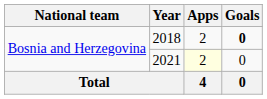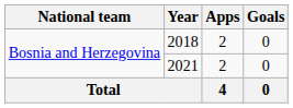 <table class="wikitable" style="text-align:center">
 <tr>
 <th>National team</th>
 <th>Year</th>
 <th>Apps</th>
 <th>Goals</th>
 </tr>
 <tr>
 <td rowspan="2"><a href='#'>Bosnia and Herzegovina</a></td>
 <td>2018</td>
 <td>2</td>
-<td><strong>0</strong></td>
+<td>0</td>
 </tr>
 <tr>
 <td>2021</td>
-<td style="background: lightyellow;">2</td>
+<td>2</td>
 <td>0</td>
 </tr>
 <tr>
 <th colspan="2">Total</th>
 <th>4</th>
 <th>0</th>
 </tr>
 </table>
